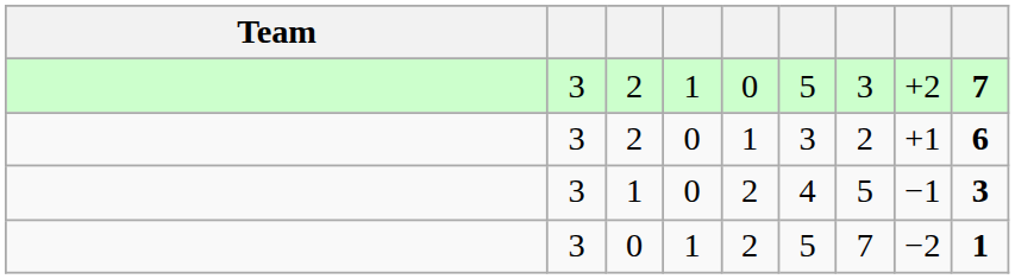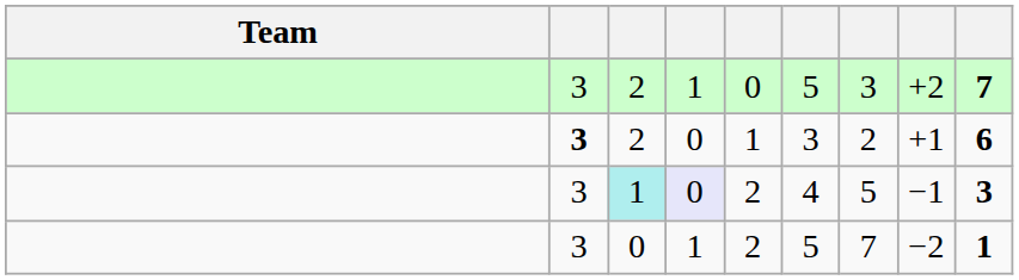 <table class=wikitable style="text-align:center">
 <tr>
 <th width=250>Team</th>
 <th width="20"></th>
 <th width="20"></th>
 <th width="20"></th>
 <th width="20"></th>
 <th width="20"></th>
 <th width="20"></th>
 <th width="20"></th>
 <th width="20"></th>
 </tr>
 <tr bgcolor=ccffcc>
 <td align="left"></td>
 <td>3</td>
 <td>2</td>
 <td>1</td>
 <td>0</td>
 <td>5</td>
 <td>3</td>
 <td>+2</td>
 <td><strong>7</strong></td>
 </tr>
 <tr>
 <td align="left"></td>
-<td>3</td>
+<td><strong>3</strong></td>
 <td>2</td>
 <td>0</td>
 <td>1</td>
 <td>3</td>
 <td>2</td>
 <td>+1</td>
 <td><strong>6</strong></td>
 </tr>
 <tr>
 <td align="left"></td>
 <td>3</td>
-<td>1</td>
-<td>0</td>
+<td style="background: paleturquoise;">1</td>
+<td style="background: lavender;">0</td>
 <td>2</td>
 <td>4</td>
 <td>5</td>
 <td>−1</td>
 <td><strong>3</strong></td>
 </tr>
 <tr>
 <td align="left"></td>
 <td>3</td>
 <td>0</td>
 <td>1</td>
 <td>2</td>
 <td>5</td>
 <td>7</td>
 <td>−2</td>
 <td><strong>1</strong></td>
 </tr>
 </table>
